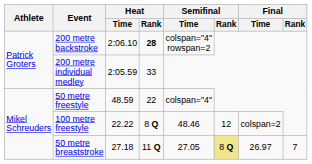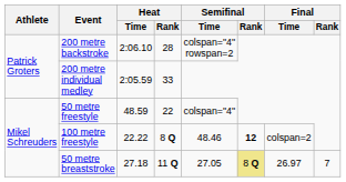 <table class="wikitable" style="text-align:center; font-size:90%; width:50%;">
 <tr>
 <th rowspan="2">Athlete</th>
 <th rowspan="2">Event</th>
 <th colspan="2">Heat</th>
 <th colspan="2">Semifinal</th>
 <th colspan="2">Final</th>
 </tr>
 <tr style="font-size:95%">
 <th>Time</th>
 <th>Rank</th>
 <th>Time</th>
 <th>Rank</th>
 <th>Time</th>
 <th>Rank</th>
 </tr>
 <tr>
 <td align=left rowspan=2><a href='#'>Patrick Groters</a></td>
 <td align=left><a href='#'>200 metre backstroke</a></td>
 <td>2:06.10</td>
-<td><strong>28</strong></td>
+<td>28</td>
 <td>colspan="4" rowspan=2</td>
 </tr>
 <tr>
 <td align=left><a href='#'>200 metre individual medley</a></td>
 <td>2:05.59</td>
 <td>33</td>
 </tr>
 <tr>
 <td align=left rowspan=3><a href='#'>Mikel Schreuders</a></td>
 <td align=left><a href='#'>50 metre freestyle</a></td>
 <td>48.59</td>
 <td>22</td>
 <td>colspan="4"  </td>
 </tr>
 <tr>
 <td align=left><a href='#'>100 metre freestyle</a></td>
 <td>22.22</td>
 <td>8 <strong>Q</strong></td>
 <td>48.46</td>
-<td>12</td>
+<td><strong>12</strong></td>
 <td>colspan=2 </td>
 </tr>
 <tr>
 <td align=left><a href='#'>50 metre breaststroke</a></td>
 <td>27.18</td>
 <td>11 <strong>Q</strong></td>
 <td>27.05</td>
 <td style="background: khaki;">8 <strong>Q</strong></td>
 <td>26.97</td>
 <td>7</td>
 </tr>
 </table>
